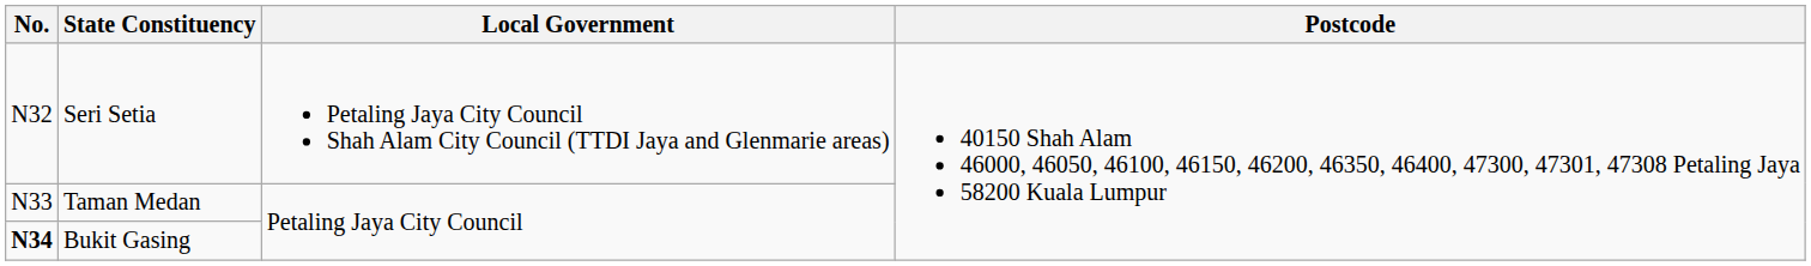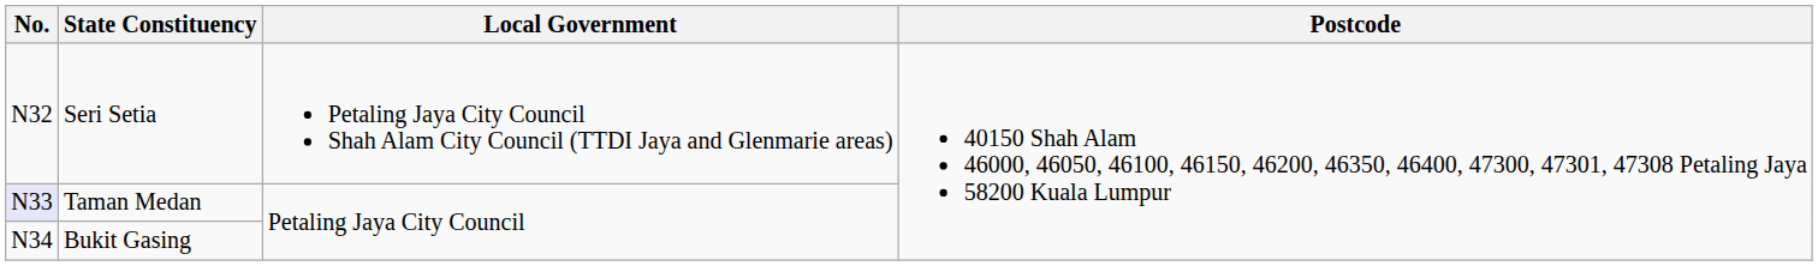 <table class="wikitable">
 <tr>
 <th>No.</th>
 <th>State Constituency</th>
 <th>Local Government</th>
 <th>Postcode</th>
 </tr>
 <tr>
 <td>N32</td>
 <td>Seri Setia</td>
 <td><br><ul><li>Petaling Jaya City Council</li><li>Shah Alam City Council (TTDI Jaya and Glenmarie areas)</li></ul></td>
 <td rowspan="3"><br><ul><li>40150 Shah Alam</li><li>46000, 46050, 46100, 46150, 46200, 46350, 46400, 47300, 47301, 47308 Petaling Jaya</li><li>58200 Kuala Lumpur</li></ul></td>
 </tr>
 <tr>
-<td>N33</td>
+<td style="background: lavender;">N33</td>
 <td>Taman Medan</td>
 <td rowspan="2">Petaling Jaya City Council</td>
 </tr>
 <tr>
-<td><strong>N34</strong></td>
+<td>N34</td>
 <td>Bukit Gasing</td>
 </tr>
 </table>
